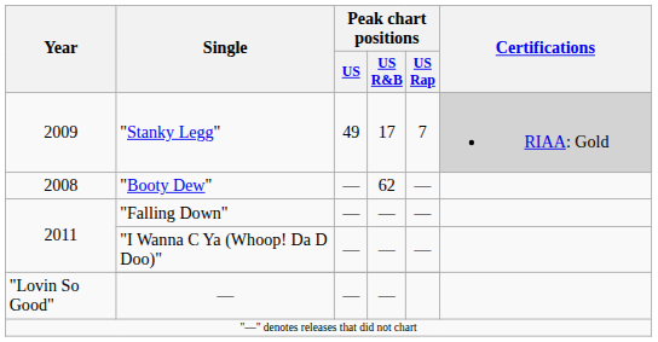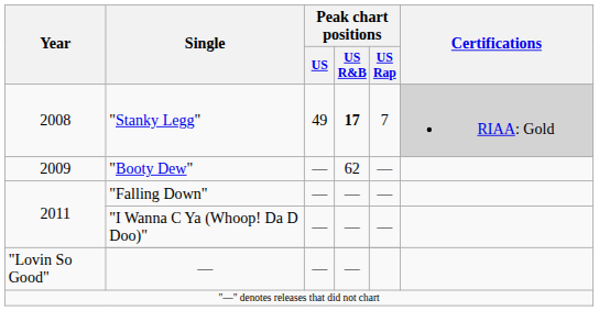 <table class="wikitable" style="text-align:center;">
 <tr>
 <th rowspan="2">Year</th>
 <th rowspan="2">Single</th>
 <th colspan="3">Peak chart positions</th>
 <th scope="col" rowspan="2" style="width:12em;"><a href='#'>Certifications</a></th>
 </tr>
 <tr style="font-size:smaller;">
 <th width="25"><a href='#'>US</a></th>
 <th width="25"><a href='#'>US R&B</a><br></th>
 <th width="25"><a href='#'>US Rap</a><br></th>
 </tr>
 <tr>
-<td>2009</td>
+<td>2008</td>
 <td align="left">"<a href='#'>Stanky Legg</a>"</td>
 <td>49</td>
-<td>17</td>
+<td><strong>17</strong></td>
 <td>7</td>
 <td style="background: lightgrey;"><br><ul><li><a href='#'>RIAA</a>: Gold</li></ul></td>
 </tr>
 <tr>
-<td>2008</td>
+<td>2009</td>
 <td align="left">"<a href='#'>Booty Dew</a>"</td>
 <td>—</td>
 <td>62</td>
 <td>—</td>
 <td></td>
 </tr>
 <tr>
 <td rowspan="3" align="center">2011</td>
 <td align="left">"Falling Down"</td>
 <td>—</td>
 <td>—</td>
 <td>—</td>
 <td></td>
 </tr>
 <tr>
 <td align="left">"I Wanna C Ya (Whoop! Da D Doo)"</td>
 <td>—</td>
 <td>—</td>
 <td>—</td>
 <td></td>
 </tr>
 <tr>
 </tr>
 <tr>
 <td align="left">"Lovin So Good"</td>
 <td>—</td>
 <td>—</td>
 <td>—</td>
 <td></td>
 </tr>
 <tr>
 <td colspan="10" style="font-size:8pt">"—" denotes releases that did not chart</td>
 </tr>
 </table>
